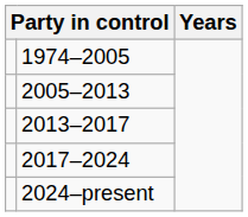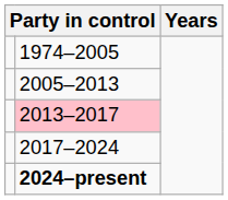 <table class="wikitable">
 <tr>
 <th colspan=2>Party in control</th>
 <th>Years</th>
 </tr>
 <tr>
 <td></td>
 <td>1974–2005</td>
 </tr>
 <tr>
 <td></td>
 <td>2005–2013</td>
 </tr>
 <tr>
 <td></td>
-<td>2013–2017</td>
+<td style="background: pink;">2013–2017</td>
 </tr>
 <tr>
 <td></td>
 <td>2017–2024</td>
 </tr>
 <tr>
 <td></td>
-<td>2024–present</td>
+<td><strong>2024–present</strong></td>
 </tr>
 </table>
